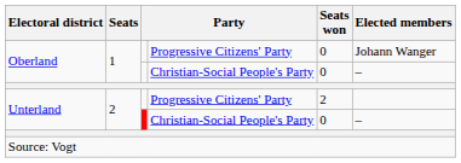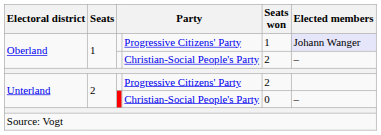 <table class=wikitable>
 <tr>
 <th>Electoral district</th>
 <th>Seats</th>
 <th colspan="2">Party</th>
 <th>Seats<br>won</th>
 <th>Elected members</th>
 </tr>
 <tr>
 <td rowspan="2"><a href='#'>Oberland</a></td>
 <td rowspan="2">1</td>
 <td></td>
 <td><a href='#'>Progressive Citizens' Party</a></td>
-<td>0</td>
-<td>Johann Wanger</td>
+<td>1</td>
+<td style="background: lavender;">Johann Wanger</td>
 </tr>
 <tr>
 <td bgcolor=></td>
 <td><a href='#'>Christian-Social People's Party</a></td>
-<td>0</td>
+<td>2</td>
 <td>–</td>
 </tr>
 <tr>
 <th colspan="6"></th>
 </tr>
 <tr>
 <td rowspan="2"><a href='#'>Unterland</a></td>
 <td rowspan="2">2</td>
 <td></td>
 <td><a href='#'>Progressive Citizens' Party</a></td>
 <td>2</td>
 <td></td>
 </tr>
 <tr>
 <td bgcolor=FF0000></td>
 <td><a href='#'>Christian-Social People's Party</a></td>
 <td>0</td>
 <td>–</td>
 </tr>
 <tr>
 <th colspan="6"></th>
 </tr>
 <tr>
 <td colspan="6">Source: Vogt</td>
 </tr>
 </table>
